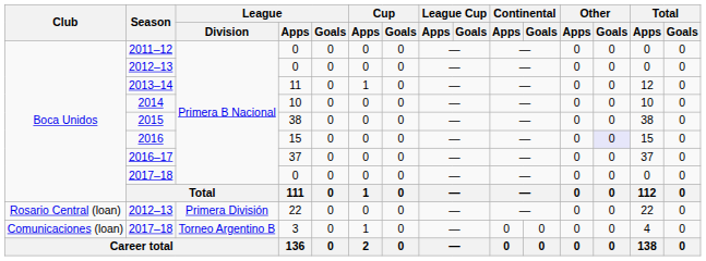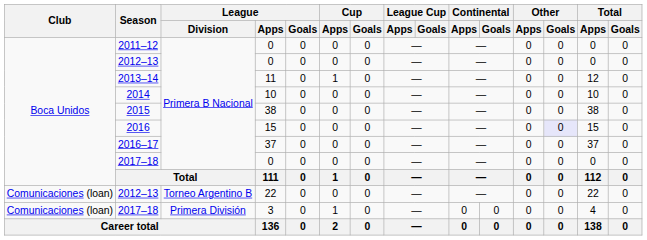 <table class="wikitable" style="text-align:center">
 <tr>
 <th rowspan="2">Club</th>
 <th rowspan="2">Season</th>
 <th colspan="3">League</th>
 <th colspan="2">Cup</th>
 <th colspan="2">League Cup</th>
 <th colspan="2">Continental</th>
 <th colspan="2">Other</th>
 <th colspan="2">Total</th>
 </tr>
 <tr>
 <th>Division</th>
 <th>Apps</th>
 <th>Goals</th>
 <th>Apps</th>
 <th>Goals</th>
 <th>Apps</th>
 <th>Goals</th>
 <th>Apps</th>
 <th>Goals</th>
 <th>Apps</th>
 <th>Goals</th>
 <th>Apps</th>
 <th>Goals</th>
 </tr>
 <tr>
 <td rowspan="9"><a href='#'>Boca Unidos</a></td>
 <td><a href='#'>2011–12</a></td>
 <td rowspan="8"><a href='#'>Primera B Nacional</a></td>
 <td>0</td>
 <td>0</td>
 <td>0</td>
 <td>0</td>
 <td colspan="2">—</td>
 <td colspan="2">—</td>
 <td>0</td>
 <td>0</td>
 <td>0</td>
 <td>0</td>
 </tr>
 <tr>
 <td><a href='#'>2012–13</a></td>
 <td>0</td>
 <td>0</td>
 <td>0</td>
 <td>0</td>
 <td colspan="2">—</td>
 <td colspan="2">—</td>
 <td>0</td>
 <td>0</td>
 <td>0</td>
 <td>0</td>
 </tr>
 <tr>
 <td><a href='#'>2013–14</a></td>
 <td>11</td>
 <td>0</td>
 <td>1</td>
 <td>0</td>
 <td colspan="2">—</td>
 <td colspan="2">—</td>
 <td>0</td>
 <td>0</td>
 <td>12</td>
 <td>0</td>
 </tr>
 <tr>
 <td><a href='#'>2014</a></td>
 <td>10</td>
 <td>0</td>
 <td>0</td>
 <td>0</td>
 <td colspan="2">—</td>
 <td colspan="2">—</td>
 <td>0</td>
 <td>0</td>
 <td>10</td>
 <td>0</td>
 </tr>
 <tr>
 <td><a href='#'>2015</a></td>
 <td>38</td>
 <td>0</td>
 <td>0</td>
 <td>0</td>
 <td colspan="2">—</td>
 <td colspan="2">—</td>
 <td>0</td>
 <td>0</td>
 <td>38</td>
 <td>0</td>
 </tr>
 <tr>
 <td><a href='#'>2016</a></td>
 <td>15</td>
 <td>0</td>
 <td>0</td>
 <td>0</td>
 <td colspan="2">—</td>
 <td colspan="2">—</td>
 <td>0</td>
 <td style="background: lavender;">0</td>
 <td>15</td>
 <td>0</td>
 </tr>
 <tr>
 <td><a href='#'>2016–17</a></td>
 <td>37</td>
 <td>0</td>
 <td>0</td>
 <td>0</td>
 <td colspan="2">—</td>
 <td colspan="2">—</td>
 <td>0</td>
 <td>0</td>
 <td>37</td>
 <td>0</td>
 </tr>
 <tr>
 <td><a href='#'>2017–18</a></td>
 <td>0</td>
 <td>0</td>
 <td>0</td>
 <td>0</td>
 <td colspan="2">—</td>
 <td colspan="2">—</td>
 <td>0</td>
 <td>0</td>
 <td>0</td>
 <td>0</td>
 </tr>
 <tr>
 <th colspan="2">Total</th>
 <th>111</th>
 <th>0</th>
 <th>1</th>
 <th>0</th>
 <th colspan="2">—</th>
 <th colspan="2">—</th>
 <th>0</th>
 <th>0</th>
 <th>112</th>
 <th>0</th>
 </tr>
 <tr>
-<td rowspan="1"><a href='#'>Rosario Central</a> (loan)</td>
+<td rowspan="1"><a href='#'>Comunicaciones</a> (loan)</td>
 <td><a href='#'>2012–13</a></td>
-<td rowspan="1"><a href='#'>Primera División</a></td>
+<td rowspan="1"><a href='#'>Torneo Argentino B</a></td>
 <td>22</td>
 <td>0</td>
 <td>0</td>
 <td>0</td>
 <td colspan="2">—</td>
 <td colspan="2">—</td>
 <td>0</td>
 <td>0</td>
 <td>22</td>
 <td>0</td>
 </tr>
 <tr>
 <td rowspan="1"><a href='#'>Comunicaciones</a> (loan)</td>
 <td><a href='#'>2017–18</a></td>
-<td rowspan="1"><a href='#'>Torneo Argentino B</a></td>
+<td rowspan="1"><a href='#'>Primera División</a></td>
 <td>3</td>
 <td>0</td>
 <td>1</td>
 <td>0</td>
 <td colspan="2">—</td>
 <td>0</td>
 <td>0</td>
 <td>0</td>
 <td>0</td>
 <td>4</td>
 <td>0</td>
 </tr>
 <tr>
 <th colspan="3">Career total</th>
 <th>136</th>
 <th>0</th>
 <th>2</th>
 <th>0</th>
 <th colspan="2">—</th>
 <th>0</th>
 <th>0</th>
 <th>0</th>
 <th>0</th>
 <th>138</th>
 <th>0</th>
 </tr>
 </table>
